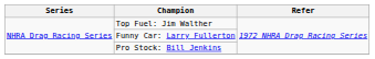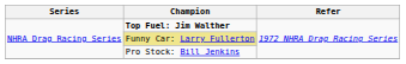 <table class="wikitable" style="font-size:87%;">
 <tr>
 <th>Series</th>
 <th>Champion</th>
 <th>Refer</th>
 </tr>
 <tr>
 <td rowspan=3><a href='#'>NHRA Drag Racing Series</a></td>
-<td>Top Fuel:  Jim Walther</td>
+<td><strong>Top Fuel:  Jim Walther</strong></td>
 <td rowspan=3><em><a href='#'>1972 NHRA Drag Racing Series</a></em></td>
 </tr>
 <tr>
-<td>Funny Car:  <a href='#'>Larry Fullerton</a></td>
+<td style="background: khaki;">Funny Car:  <a href='#'>Larry Fullerton</a></td>
 </tr>
 <tr>
 <td>Pro Stock:  <a href='#'>Bill Jenkins</a></td>
 </tr>
 <tr>
 </tr>
 </table>
